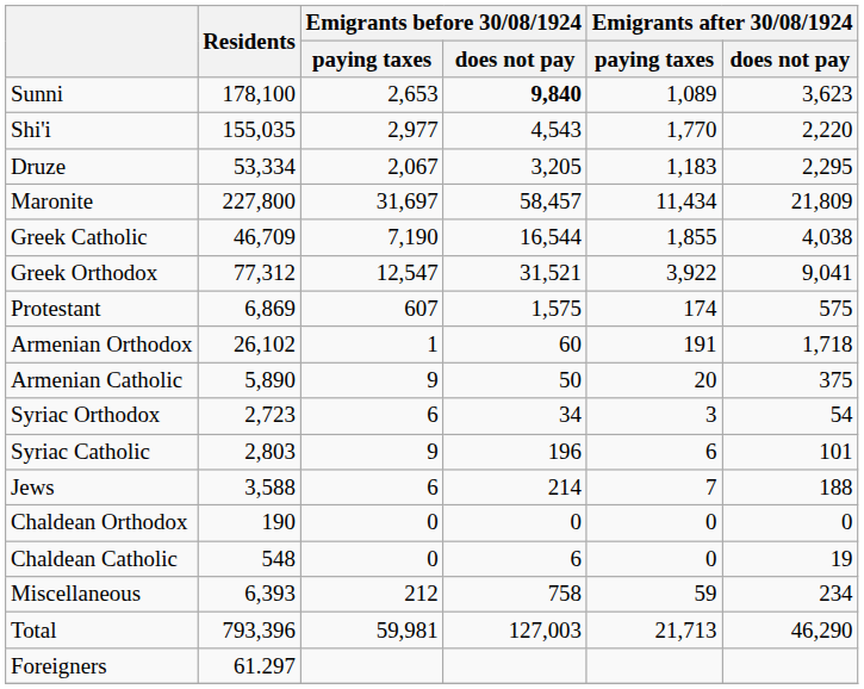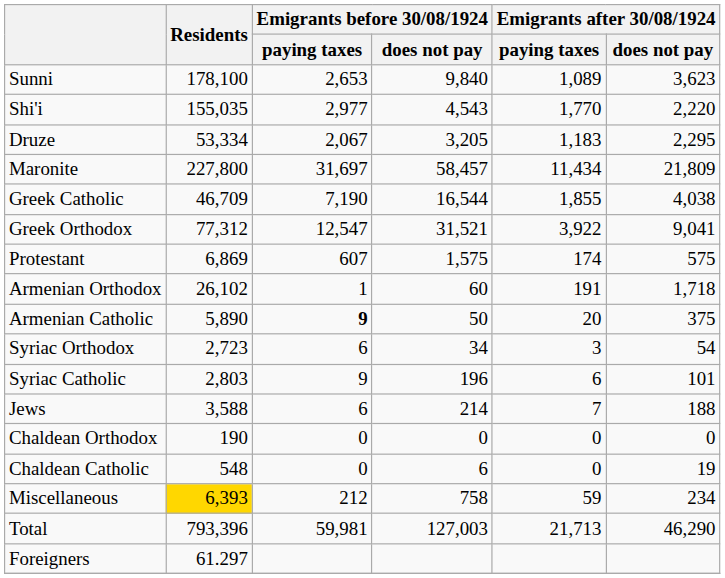 <table class="wikitable" style="text-align:right">
 <tr>
 <th rowspan="2"></th>
 <th rowspan="2">Residents</th>
 <th colspan="2">Emigrants before 30/08/1924</th>
 <th colspan="2">Emigrants after 30/08/1924</th>
 </tr>
 <tr>
 <th>paying taxes</th>
 <th>does not pay</th>
 <th>paying taxes</th>
 <th>does not pay</th>
 </tr>
 <tr>
 <td align="left">Sunni</td>
 <td>178,100</td>
 <td>2,653</td>
-<td><strong>9,840</strong></td>
+<td>9,840</td>
 <td>1,089</td>
 <td>3,623</td>
 </tr>
 <tr>
 <td align="left">Shi'i</td>
 <td>155,035</td>
 <td>2,977</td>
 <td>4,543</td>
 <td>1,770</td>
 <td>2,220</td>
 </tr>
 <tr>
 <td align="left">Druze</td>
 <td>53,334</td>
 <td>2,067</td>
 <td>3,205</td>
 <td>1,183</td>
 <td>2,295</td>
 </tr>
 <tr>
 <td align="left">Maronite</td>
 <td>227,800</td>
 <td>31,697</td>
 <td>58,457</td>
 <td>11,434</td>
 <td>21,809</td>
 </tr>
 <tr>
 <td align="left">Greek Catholic</td>
 <td>46,709</td>
 <td>7,190</td>
 <td>16,544</td>
 <td>1,855</td>
 <td>4,038</td>
 </tr>
 <tr>
 <td align="left">Greek Orthodox</td>
 <td>77,312</td>
 <td>12,547</td>
 <td>31,521</td>
 <td>3,922</td>
 <td>9,041</td>
 </tr>
 <tr>
 <td align="left">Protestant</td>
 <td>6,869</td>
 <td>607</td>
 <td>1,575</td>
 <td>174</td>
 <td>575</td>
 </tr>
 <tr>
 <td align="left">Armenian Orthodox</td>
 <td>26,102</td>
 <td>1</td>
 <td>60</td>
 <td>191</td>
 <td>1,718</td>
 </tr>
 <tr>
 <td align="left">Armenian Catholic</td>
 <td>5,890</td>
-<td>9</td>
+<td><strong>9</strong></td>
 <td>50</td>
 <td>20</td>
 <td>375</td>
 </tr>
 <tr>
 <td align="left">Syriac Orthodox</td>
 <td>2,723</td>
 <td>6</td>
 <td>34</td>
 <td>3</td>
 <td>54</td>
 </tr>
 <tr>
 <td align="left">Syriac Catholic</td>
 <td>2,803</td>
 <td>9</td>
 <td>196</td>
 <td>6</td>
 <td>101</td>
 </tr>
 <tr>
 <td align="left">Jews</td>
 <td>3,588</td>
 <td>6</td>
 <td>214</td>
 <td>7</td>
 <td>188</td>
 </tr>
 <tr>
 <td align="left">Chaldean Orthodox</td>
 <td>190</td>
 <td>0</td>
 <td>0</td>
 <td>0</td>
 <td>0</td>
 </tr>
 <tr>
 <td align="left">Chaldean Catholic</td>
 <td>548</td>
 <td>0</td>
 <td>6</td>
 <td>0</td>
 <td>19</td>
 </tr>
 <tr>
 <td align="left">Miscellaneous</td>
-<td>6,393</td>
+<td style="background: gold;">6,393</td>
 <td>212</td>
 <td>758</td>
 <td>59</td>
 <td>234</td>
 </tr>
 <tr>
 <td align="left">Total</td>
 <td>793,396</td>
 <td>59,981</td>
 <td>127,003</td>
 <td>21,713</td>
 <td>46,290</td>
 </tr>
 <tr>
 <td align="left">Foreigners</td>
 <td>61.297</td>
 <td></td>
 <td></td>
 <td></td>
 <td></td>
 </tr>
 <tr>
 </tr>
 </table>
